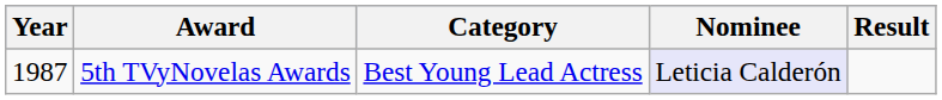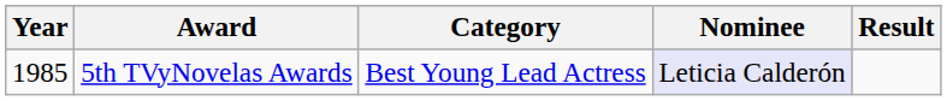 <table class="wikitable">
 <tr style="background:#b0c4de;">
 <th>Year</th>
 <th>Award</th>
 <th>Category</th>
 <th>Nominee</th>
 <th>Result</th>
 </tr>
 <tr>
-<td>1987</td>
+<td>1985</td>
 <td><a href='#'>5th TVyNovelas Awards</a></td>
 <td><a href='#'>Best Young Lead Actress</a></td>
 <td style="background: lavender;">Leticia Calderón</td>
 <td></td>
 </tr>
 </table>
